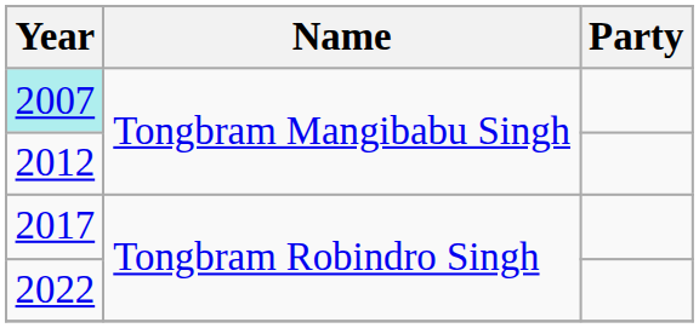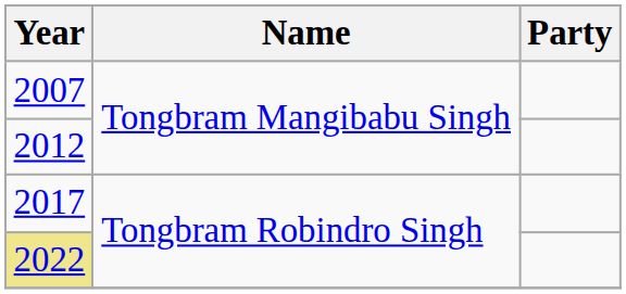 <table class="wikitable sortable">
 <tr>
 <th>Year</th>
 <th>Name</th>
 <th colspan=2>Party</th>
 </tr>
 <tr>
-<td style="background: paleturquoise;"><a href='#'>2007</a></td>
+<td><a href='#'>2007</a></td>
 <td rowspan=2><a href='#'>Tongbram Mangibabu Singh</a></td>
 <td></td>
 </tr>
 <tr>
 <td><a href='#'>2012</a></td>
 </tr>
 <tr>
 <td><a href='#'>2017</a></td>
 <td rowspan=2><a href='#'>Tongbram Robindro Singh</a></td>
 <td></td>
 </tr>
 <tr>
-<td><a href='#'>2022</a></td>
+<td style="background: khaki;"><a href='#'>2022</a></td>
 <td></td>
 </tr>
 <tr>
 </tr>
 </table>
